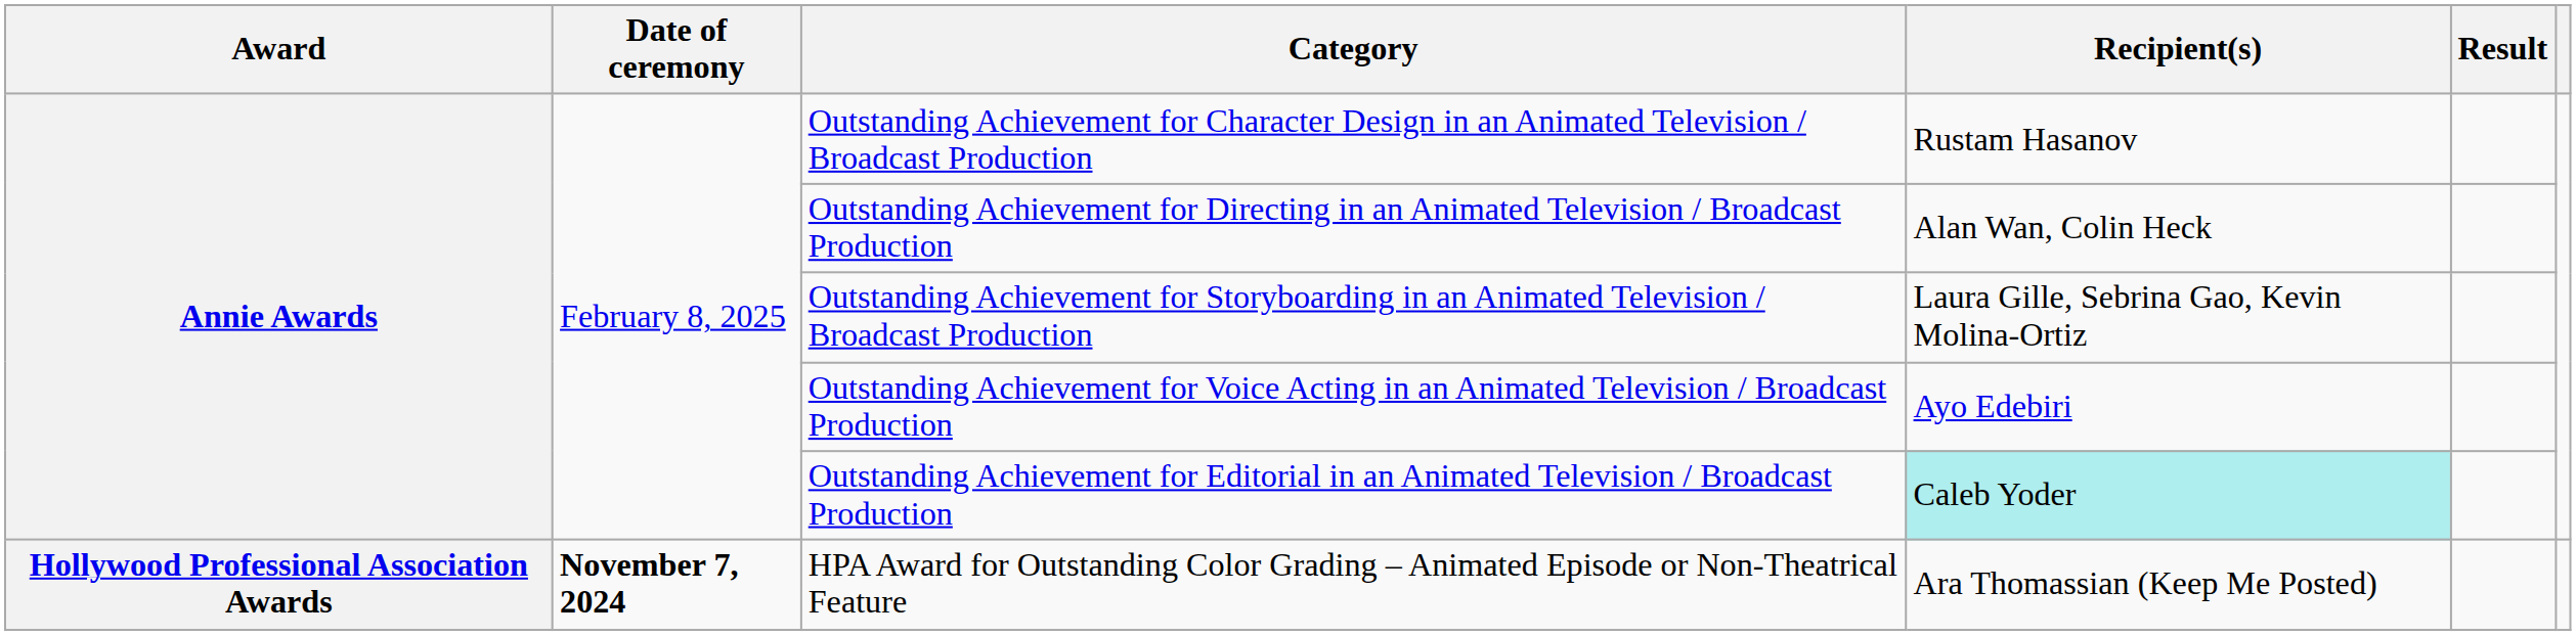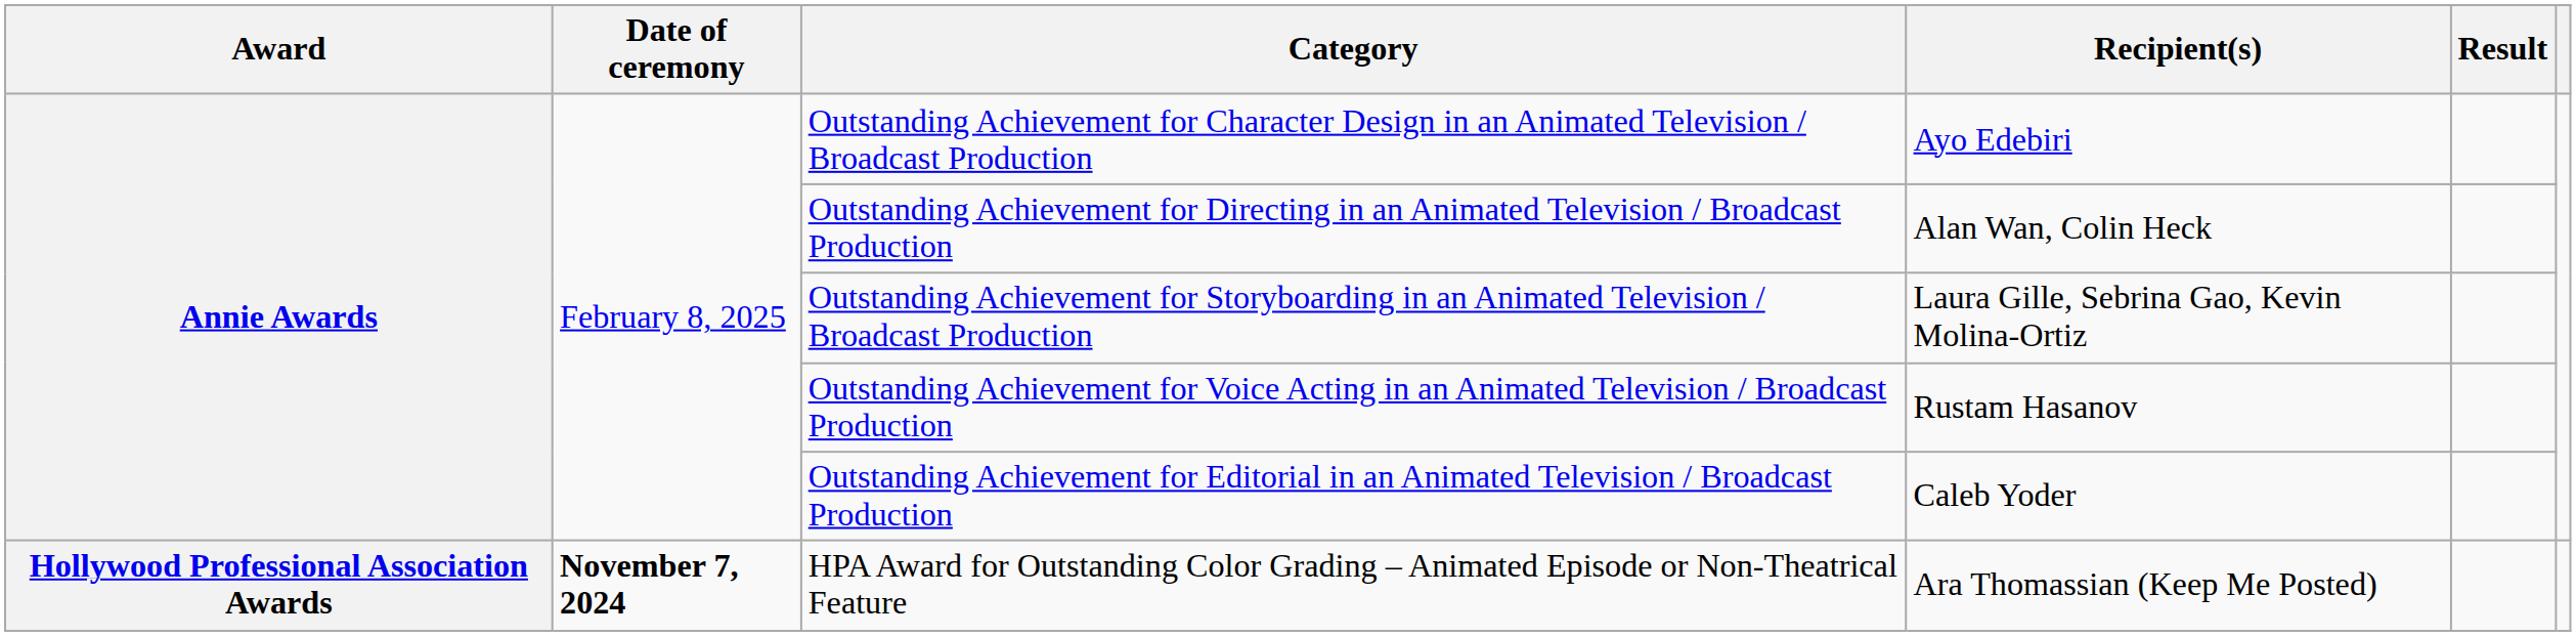 <table class="wikitable sortable plainrowheaders">
 <tr>
 <th scope="col">Award</th>
 <th scope="col">Date of ceremony</th>
 <th scope="col">Category</th>
 <th scope="col">Recipient(s)</th>
 <th scope="col">Result</th>
 <th scope="col" class="unsortable"></th>
 </tr>
 <tr>
 <th rowspan="5" scope="row"><a href='#'>Annie Awards</a></th>
 <td rowspan="5"><a href='#'>February 8, 2025</a></td>
 <td><a href='#'>Outstanding Achievement for Character Design in an Animated Television / Broadcast Production</a></td>
-<td>Rustam Hasanov </td>
+<td><a href='#'>Ayo Edebiri</a> </td>
 <td></td>
 <td rowspan="5" align="center"></td>
 </tr>
 <tr>
 <td><a href='#'>Outstanding Achievement for Directing in an Animated Television / Broadcast Production</a></td>
 <td>Alan Wan, Colin Heck </td>
 <td></td>
 </tr>
 <tr>
 <td><a href='#'>Outstanding Achievement for Storyboarding in an Animated Television / Broadcast Production</a></td>
 <td>Laura Gille, Sebrina Gao, Kevin Molina-Ortiz </td>
 <td></td>
 </tr>
 <tr>
 <td><a href='#'>Outstanding Achievement for Voice Acting in an Animated Television / Broadcast Production</a></td>
-<td><a href='#'>Ayo Edebiri</a> </td>
+<td>Rustam Hasanov </td>
 <td></td>
 </tr>
 <tr>
 <td><a href='#'>Outstanding Achievement for Editorial in an Animated Television / Broadcast Production</a></td>
-<td style="background: paleturquoise;">Caleb Yoder </td>
+<td>Caleb Yoder </td>
 <td></td>
 </tr>
 <tr>
 <th scope="row"><a href='#'>Hollywood Professional Association</a> Awards</th>
 <td><strong>November 7, 2024</strong></td>
 <td>HPA Award for Outstanding Color Grading – Animated Episode or Non-Theatrical Feature</td>
 <td>Ara Thomassian (Keep Me Posted) </td>
 <td></td>
 <td align="center"></td>
 </tr>
 </table>
